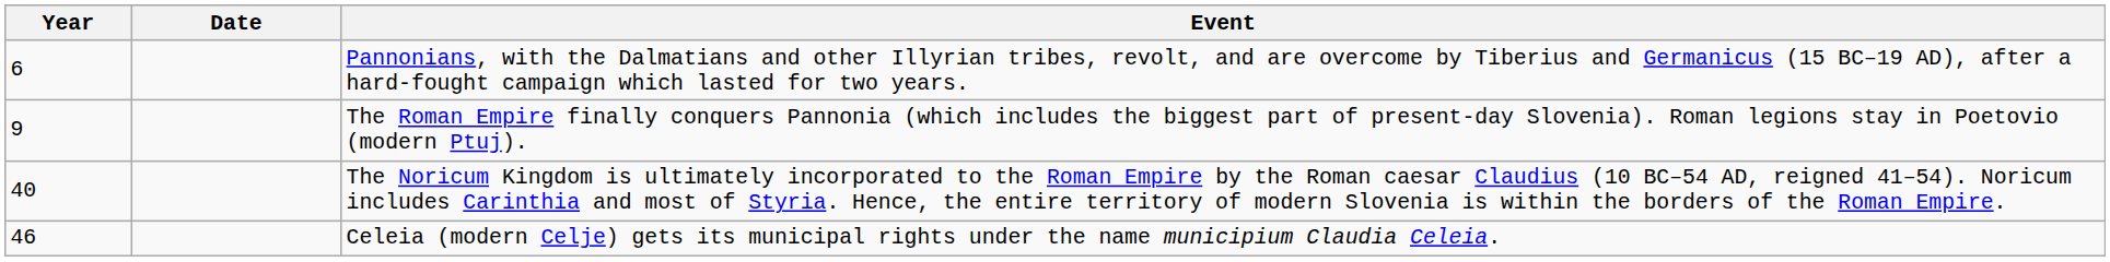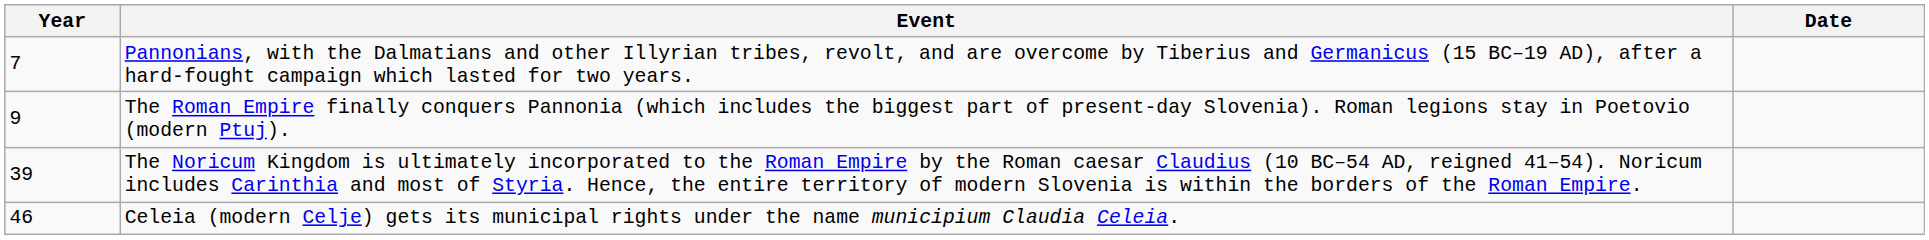 <table class="wikitable" width="100%">
 <tr>
 <th style="width:6%">Year</th>
+<th>Event</th>
 <th style="width:10%">Date</th>
-<th>Event</th>
 </tr>
 <tr>
-<td>6</td>
+<td>7</td>
+<td><a href='#'>Pannonians</a>, with the Dalmatians and other Illyrian tribes, revolt, and are overcome by Tiberius and <a href='#'>Germanicus</a> (15 BC–19 AD), after a hard-fought campaign which lasted for two years.</td>
 <td></td>
-<td><a href='#'>Pannonians</a>, with the Dalmatians and other Illyrian tribes, revolt, and are overcome by Tiberius and <a href='#'>Germanicus</a> (15 BC–19 AD), after a hard-fought campaign which lasted for two years.</td>
 </tr>
 <tr>
 <td>9</td>
+<td>The <a href='#'>Roman Empire</a> finally conquers Pannonia (which includes the biggest part of present-day Slovenia). Roman legions stay in Poetovio (modern <a href='#'>Ptuj</a>).</td>
 <td></td>
-<td>The <a href='#'>Roman Empire</a> finally conquers Pannonia (which includes the biggest part of present-day Slovenia). Roman legions stay in Poetovio (modern <a href='#'>Ptuj</a>).</td>
 </tr>
 <tr>
-<td>40</td>
+<td>39</td>
+<td>The <a href='#'>Noricum</a> Kingdom is ultimately incorporated to the <a href='#'>Roman Empire</a> by the Roman caesar <a href='#'>Claudius</a> (10 BC–54 AD, reigned 41–54). Noricum includes <a href='#'>Carinthia</a> and most of <a href='#'>Styria</a>. Hence, the entire territory of modern Slovenia is within the borders of the <a href='#'>Roman Empire</a>.</td>
 <td></td>
-<td>The <a href='#'>Noricum</a> Kingdom is ultimately incorporated to the <a href='#'>Roman Empire</a> by the Roman caesar <a href='#'>Claudius</a> (10 BC–54 AD, reigned 41–54). Noricum includes <a href='#'>Carinthia</a> and most of <a href='#'>Styria</a>. Hence, the entire territory of modern Slovenia is within the borders of the <a href='#'>Roman Empire</a>.</td>
 </tr>
 <tr>
 <td>46</td>
+<td>Celeia (modern <a href='#'>Celje</a>) gets its municipal rights under the name <em>municipium Claudia <a href='#'>Celeia</a></em>.</td>
 <td></td>
-<td>Celeia (modern <a href='#'>Celje</a>) gets its municipal rights under the name <em>municipium Claudia <a href='#'>Celeia</a></em>.</td>
 </tr>
 </table>
